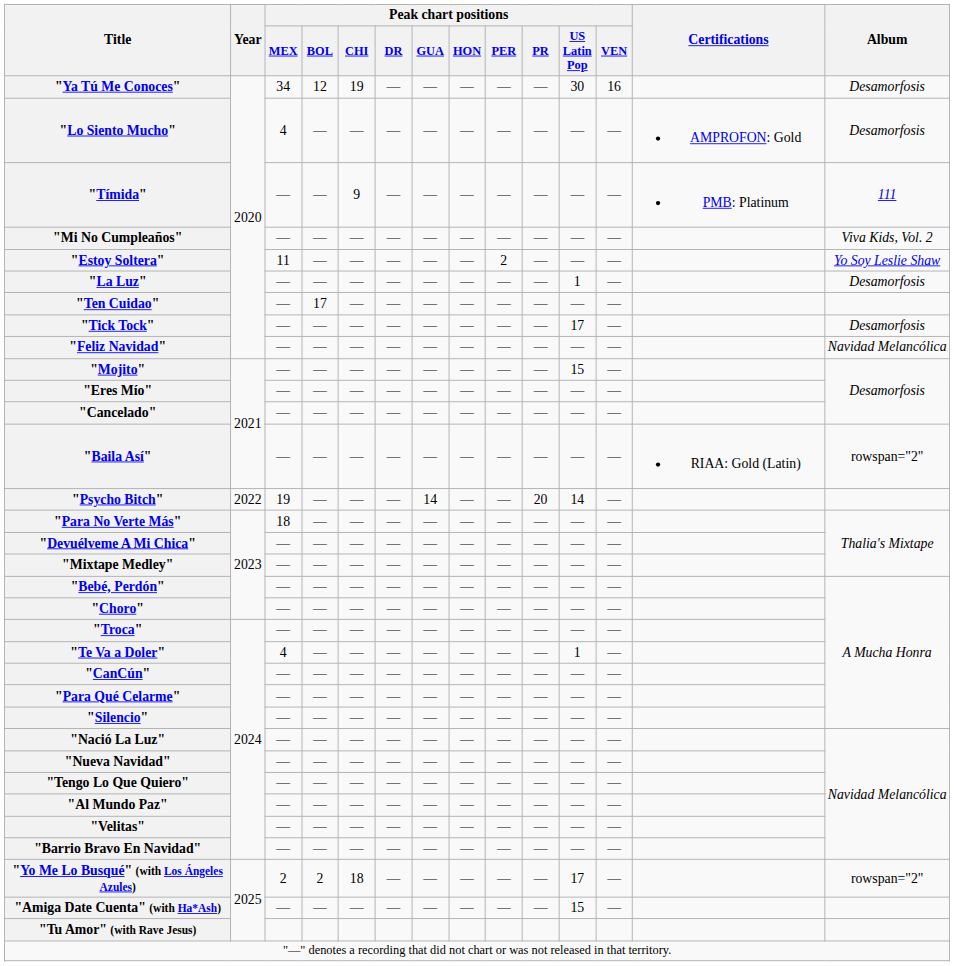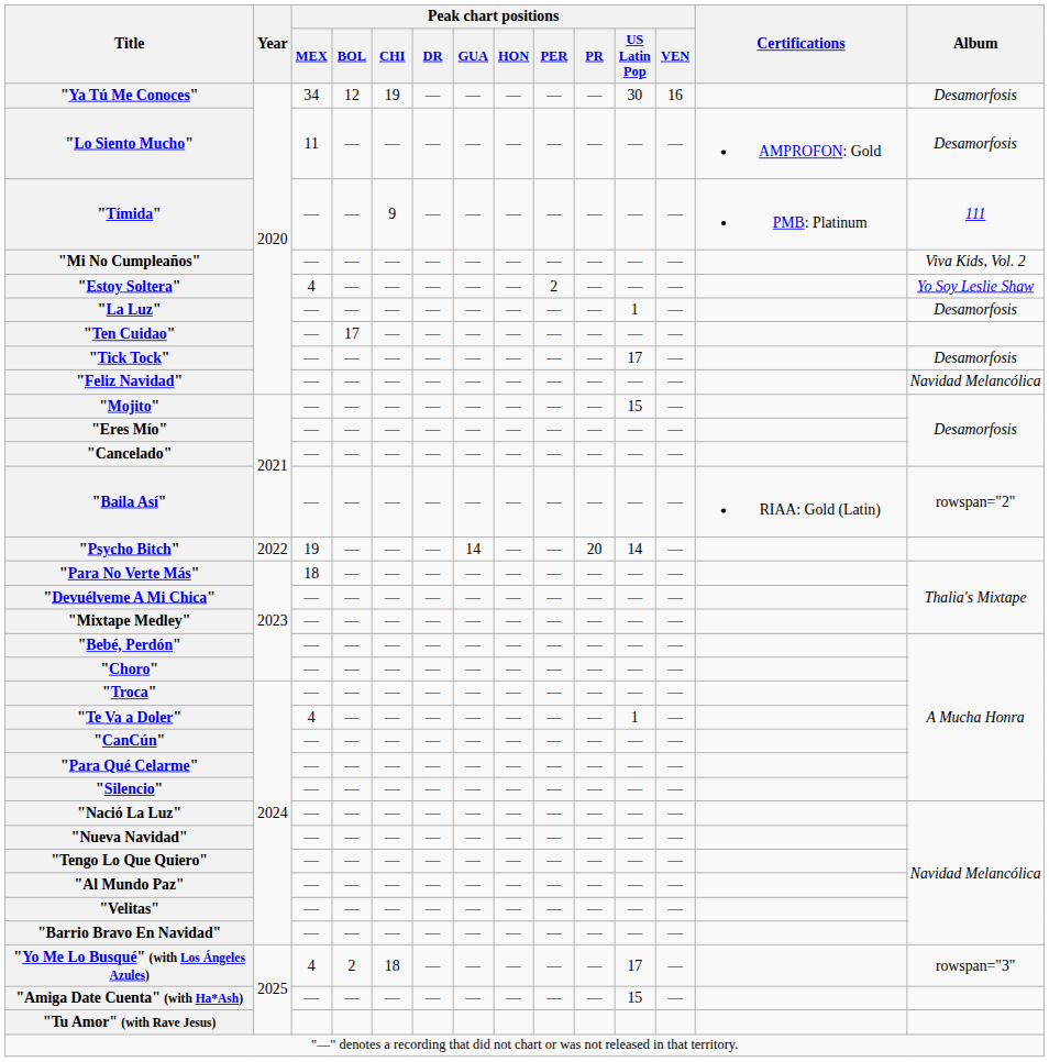 <table class="wikitable plainrowheaders" style="text-align:center;">
 <tr>
 <th scope="col" rowspan="2" style="width:16em;">Title</th>
 <th scope="col" rowspan="2" style="width:1em;">Year</th>
 <th colspan="10" scope="col">Peak chart positions</th>
 <th scope="col" rowspan="2" style="width:13.5em;"><a href='#'>Certifications</a></th>
 <th scope="col" rowspan="2">Album</th>
 </tr>
 <tr>
 <th scope="col" style="width:2.5em;font-size:90%;"><a href='#'>MEX</a><br></th>
 <th scope="col" style="width:2.5em;font-size:90%;"><a href='#'>BOL</a><br></th>
 <th scope="col" style="width:2.5em;font-size:90%;"><a href='#'>CHI</a><br></th>
 <th scope="col" style="width:2.5em;font-size:90%;"><a href='#'>DR</a><br></th>
 <th scope="col" style="width:2.5em;font-size:90%;"><a href='#'>GUA</a><br></th>
 <th scope="col" style="width:2.5em;font-size:90%;"><a href='#'>HON</a><br></th>
 <th scope="col" style="width:2.5em;font-size:90%;"><a href='#'>PER</a><br></th>
 <th scope="col" style="width:2.5em;font-size:90%;"><a href='#'>PR</a><br></th>
 <th scope="col" style="width:2.5em;font-size:90%;"><a href='#'>US<br>Latin<br>Pop</a><br></th>
 <th scope="col" style="width:2.5em;font-size:90%;"><a href='#'>VEN</a><br></th>
 </tr>
 <tr>
 <th scope="row">"<a href='#'>Ya Tú Me Conoces</a>"<br></th>
 <td rowspan="9">2020</td>
 <td>34</td>
 <td>12</td>
 <td>19</td>
 <td>—</td>
 <td>—</td>
 <td>—</td>
 <td>—</td>
 <td>—</td>
 <td>30</td>
 <td>16</td>
 <td></td>
 <td><em>Desamorfosis</em></td>
 </tr>
 <tr>
 <th scope="row">"<a href='#'>Lo Siento Mucho</a>"<br></th>
-<td>4</td>
+<td>11</td>
 <td>—</td>
 <td>—</td>
 <td>—</td>
 <td>—</td>
 <td>—</td>
 <td>—</td>
 <td>—</td>
 <td>—</td>
 <td>—</td>
 <td><br><ul><li><a href='#'>AMPROFON</a>: Gold</li></ul></td>
 <td><em>Desamorfosis</em></td>
 </tr>
 <tr>
 <th scope="row">"<a href='#'>Tímida</a>"<br></th>
 <td>—</td>
 <td>—</td>
 <td>9</td>
 <td>—</td>
 <td>—</td>
 <td>—</td>
 <td>—</td>
 <td>—</td>
 <td>—</td>
 <td>—</td>
 <td><br><ul><li><a href='#'>PMB</a>: Platinum</li></ul></td>
 <td><em><a href='#'>111</a></em></td>
 </tr>
 <tr>
 <th scope="row">"Mi No Cumpleaños"</th>
 <td>—</td>
 <td>—</td>
 <td>—</td>
 <td>—</td>
 <td>—</td>
 <td>—</td>
 <td>—</td>
 <td>—</td>
 <td>—</td>
 <td>—</td>
 <td></td>
 <td><em>Viva Kids, Vol. 2</em></td>
 </tr>
 <tr>
 <th scope="row">"<a href='#'>Estoy Soltera</a>"<br></th>
-<td>11</td>
+<td>4</td>
 <td>—</td>
 <td>—</td>
 <td>—</td>
 <td>—</td>
 <td>—</td>
 <td>2</td>
 <td>—</td>
 <td>—</td>
 <td>—</td>
 <td></td>
 <td><em><a href='#'>Yo Soy Leslie Shaw</a></em></td>
 </tr>
 <tr>
 <th scope="row">"<a href='#'>La Luz</a>"<br></th>
 <td>—</td>
 <td>—</td>
 <td>—</td>
 <td>—</td>
 <td>—</td>
 <td>—</td>
 <td>—</td>
 <td>—</td>
 <td>1</td>
 <td>—</td>
 <td></td>
 <td><em>Desamorfosis</em></td>
 </tr>
 <tr>
 <th scope="row">"<a href='#'>Ten Cuidao</a>"<br></th>
 <td>—</td>
 <td>17</td>
 <td>—</td>
 <td>—</td>
 <td>—</td>
 <td>—</td>
 <td>—</td>
 <td>—</td>
 <td>—</td>
 <td>—</td>
 <td></td>
 <td></td>
 </tr>
 <tr>
 <th scope="row">"<a href='#'>Tick Tock</a>"<br></th>
 <td>—</td>
 <td>—</td>
 <td>—</td>
 <td>—</td>
 <td>—</td>
 <td>—</td>
 <td>—</td>
 <td>—</td>
 <td>17</td>
 <td>—</td>
 <td></td>
 <td><em>Desamorfosis</em></td>
 </tr>
 <tr>
 <th scope="row">"<a href='#'>Feliz Navidad</a>"</th>
 <td>—</td>
 <td>—</td>
 <td>—</td>
 <td>—</td>
 <td>—</td>
 <td>—</td>
 <td>—</td>
 <td>—</td>
 <td>—</td>
 <td>—</td>
 <td></td>
 <td><em>Navidad Melancólica</em></td>
 </tr>
 <tr>
 <th scope="row">"<a href='#'>Mojito</a>"</th>
 <td rowspan="4">2021</td>
 <td>—</td>
 <td>—</td>
 <td>—</td>
 <td>—</td>
 <td>—</td>
 <td>—</td>
 <td>—</td>
 <td>—</td>
 <td>15</td>
 <td>—</td>
 <td></td>
 <td rowspan="3"><em>Desamorfosis</em></td>
 </tr>
 <tr>
 <th scope="row">"Eres Mío"</th>
 <td>—</td>
 <td>—</td>
 <td>—</td>
 <td>—</td>
 <td>—</td>
 <td>—</td>
 <td>—</td>
 <td>—</td>
 <td>—</td>
 <td>—</td>
 <td></td>
 </tr>
 <tr>
 <th scope="row">"Cancelado"</th>
 <td>—</td>
 <td>—</td>
 <td>—</td>
 <td>—</td>
 <td>—</td>
 <td>—</td>
 <td>—</td>
 <td>—</td>
 <td>—</td>
 <td>—</td>
 <td></td>
 </tr>
 <tr>
 <th scope="row">"<a href='#'>Baila Así</a>"<br></th>
 <td>—</td>
 <td>—</td>
 <td>—</td>
 <td>—</td>
 <td>—</td>
 <td>—</td>
 <td>—</td>
 <td>—</td>
 <td>—</td>
 <td>—</td>
 <td><br><ul><li>RIAA: Gold <span>(Latin)</span></li></ul></td>
 <td>rowspan="2" </td>
 </tr>
 <tr>
 <th scope="row">"<a href='#'>Psycho Bitch</a>"</th>
 <td>2022</td>
 <td>19</td>
 <td>—</td>
 <td>—</td>
 <td>—</td>
 <td>14</td>
 <td>—</td>
 <td>—</td>
 <td>20</td>
 <td>14</td>
 <td>—</td>
 <td></td>
 </tr>
 <tr>
 <th scope="row">"<a href='#'>Para No Verte Más</a>" <br></th>
 <td rowspan="5">2023</td>
 <td>18</td>
 <td>—</td>
 <td>—</td>
 <td>—</td>
 <td>—</td>
 <td>—</td>
 <td>—</td>
 <td>—</td>
 <td>—</td>
 <td>—</td>
 <td></td>
 <td rowspan="3"><em>Thalia's Mixtape</em></td>
 </tr>
 <tr>
 <th scope="row">"<a href='#'>Devuélveme A Mi Chica</a>" <br></th>
 <td>—</td>
 <td>—</td>
 <td>—</td>
 <td>—</td>
 <td>—</td>
 <td>—</td>
 <td>—</td>
 <td>—</td>
 <td>—</td>
 <td>—</td>
 <td></td>
 </tr>
 <tr>
 <th scope="row">"Mixtape Medley"</th>
 <td>—</td>
 <td>—</td>
 <td>—</td>
 <td>—</td>
 <td>—</td>
 <td>—</td>
 <td>—</td>
 <td>—</td>
 <td>—</td>
 <td>—</td>
 <td></td>
 </tr>
 <tr>
 <th scope="row">"<a href='#'>Bebé, Perdón</a>"</th>
 <td>—</td>
 <td>—</td>
 <td>—</td>
 <td>—</td>
 <td>—</td>
 <td>—</td>
 <td>—</td>
 <td>—</td>
 <td>—</td>
 <td>—</td>
 <td></td>
 <td rowspan="7"><em>A Mucha Honra</em></td>
 </tr>
 <tr>
 <th scope="row">"<a href='#'>Choro</a>" <br></th>
 <td>—</td>
 <td>—</td>
 <td>—</td>
 <td>—</td>
 <td>—</td>
 <td>—</td>
 <td>—</td>
 <td>—</td>
 <td>—</td>
 <td>—</td>
 <td></td>
 </tr>
 <tr>
 <th scope="row">"<a href='#'>Troca</a>" <br></th>
 <td rowspan="11">2024</td>
 <td>—</td>
 <td>—</td>
 <td>—</td>
 <td>—</td>
 <td>—</td>
 <td>—</td>
 <td>—</td>
 <td>—</td>
 <td>—</td>
 <td>—</td>
 <td></td>
 </tr>
 <tr>
 <th scope="row">"<a href='#'>Te Va a Doler</a>" <br></th>
 <td>4</td>
 <td>—</td>
 <td>—</td>
 <td>—</td>
 <td>—</td>
 <td>—</td>
 <td>—</td>
 <td>—</td>
 <td>1</td>
 <td>—</td>
 <td></td>
 </tr>
 <tr>
 <th scope="row">"<a href='#'>CanCún</a>"</th>
 <td>—</td>
 <td>—</td>
 <td>—</td>
 <td>—</td>
 <td>—</td>
 <td>—</td>
 <td>—</td>
 <td>—</td>
 <td>—</td>
 <td>—</td>
 <td></td>
 </tr>
 <tr>
 <th scope="row">"<a href='#'>Para Qué Celarme</a>"</th>
 <td>—</td>
 <td>—</td>
 <td>—</td>
 <td>—</td>
 <td>—</td>
 <td>—</td>
 <td>—</td>
 <td>—</td>
 <td>—</td>
 <td>—</td>
 <td></td>
 </tr>
 <tr>
 <th scope="row">"<a href='#'>Silencio</a>"</th>
 <td>—</td>
 <td>—</td>
 <td>—</td>
 <td>—</td>
 <td>—</td>
 <td>—</td>
 <td>—</td>
 <td>—</td>
 <td>—</td>
 <td>—</td>
 <td></td>
 </tr>
 <tr>
 <th scope="row">"Nació La Luz" </th>
 <td>—</td>
 <td>—</td>
 <td>—</td>
 <td>—</td>
 <td>—</td>
 <td>—</td>
 <td>—</td>
 <td>—</td>
 <td>—</td>
 <td>—</td>
 <td></td>
 <td rowspan="6"><em>Navidad Melancólica</em></td>
 </tr>
 <tr>
 <th scope="row">"Nueva Navidad"</th>
 <td>—</td>
 <td>—</td>
 <td>—</td>
 <td>—</td>
 <td>—</td>
 <td>—</td>
 <td>—</td>
 <td>—</td>
 <td>—</td>
 <td>—</td>
 <td></td>
 </tr>
 <tr>
 <th scope="row">"Tengo Lo Que Quiero"</th>
 <td>—</td>
 <td>—</td>
 <td>—</td>
 <td>—</td>
 <td>—</td>
 <td>—</td>
 <td>—</td>
 <td>—</td>
 <td>—</td>
 <td>—</td>
 <td></td>
 </tr>
 <tr>
 <th scope="row">"Al Mundo Paz"</th>
 <td>—</td>
 <td>—</td>
 <td>—</td>
 <td>—</td>
 <td>—</td>
 <td>—</td>
 <td>—</td>
 <td>—</td>
 <td>—</td>
 <td>—</td>
 <td></td>
 </tr>
 <tr>
 <th scope="row">"Velitas"</th>
 <td>—</td>
 <td>—</td>
 <td>—</td>
 <td>—</td>
 <td>—</td>
 <td>—</td>
 <td>—</td>
 <td>—</td>
 <td>—</td>
 <td>—</td>
 <td></td>
 </tr>
 <tr>
 <th scope="row">"Barrio Bravo En Navidad"</th>
 <td>—</td>
 <td>—</td>
 <td>—</td>
 <td>—</td>
 <td>—</td>
 <td>—</td>
 <td>—</td>
 <td>—</td>
 <td>—</td>
 <td>—</td>
 <td></td>
 </tr>
 <tr>
 <th scope="row">"<a href='#'>Yo Me Lo Busqué</a>" <small>(with <a href='#'>Los Ángeles Azules</a>)</small></th>
 <td rowspan="3">2025</td>
-<td>2</td>
+<td>4</td>
 <td>2</td>
 <td>18</td>
 <td>—</td>
 <td>—</td>
 <td>—</td>
 <td>—</td>
 <td>—</td>
 <td>17</td>
 <td>—</td>
 <td></td>
-<td>rowspan="2" </td>
+<td>rowspan="3" </td>
 </tr>
 <tr>
 <th scope="row">"Amiga Date Cuenta" <small>(with <a href='#'>Ha*Ash</a>)</small></th>
 <td>—</td>
 <td>—</td>
 <td>—</td>
 <td>—</td>
 <td>—</td>
 <td>—</td>
 <td>—</td>
 <td>—</td>
 <td>15</td>
 <td>—</td>
 <td></td>
 </tr>
 <tr>
 <th scope="row">"Tu Amor" <small>(with Rave Jesus)</small></th>
 <td></td>
 <td></td>
 <td></td>
 <td></td>
 <td></td>
 <td></td>
 <td></td>
 <td></td>
 <td></td>
 <td></td>
 <td></td>
 <td></td>
 </tr>
 <tr>
 <td colspan="15" style="font-size:90%">"—" denotes a recording that did not chart or was not released in that territory.</td>
 </tr>
 </table>
